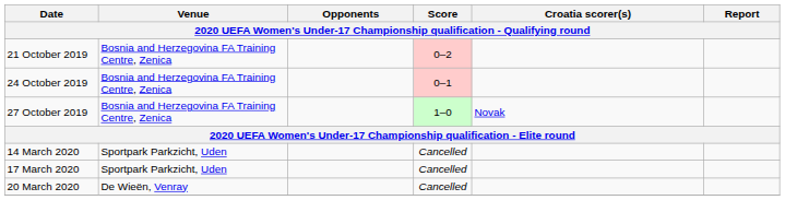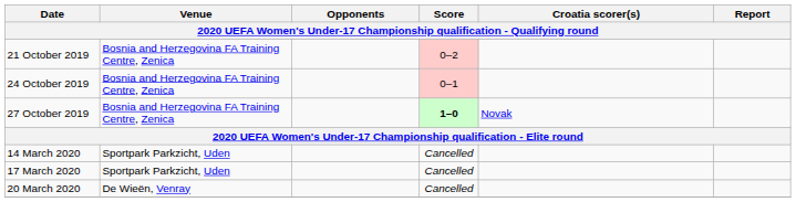 <table class="wikitable" style="font-size:95%;">
 <tr>
 <th width=125>Date</th>
 <th width=260>Venue</th>
 <th width=170>Opponents</th>
 <th width= 75>Score</th>
 <th width=320>Croatia scorer(s)</th>
 <th width=100>Report</th>
 </tr>
 <tr>
 <th colspan=7><a href='#'>2020 UEFA Women's Under-17 Championship qualification - Qualifying round</a></th>
 </tr>
 <tr>
 <td>21 October 2019</td>
 <td><a href='#'>Bosnia and Herzegovina FA Training Centre</a>, <a href='#'>Zenica</a></td>
 <td></td>
 <td align=center bgcolor=#FFCCCC>0–2</td>
 <td></td>
 <td></td>
 </tr>
 <tr>
 <td>24 October 2019</td>
 <td><a href='#'>Bosnia and Herzegovina FA Training Centre</a>, <a href='#'>Zenica</a></td>
 <td></td>
 <td align=center bgcolor=#FFCCCC>0–1</td>
 <td></td>
 <td></td>
 </tr>
 <tr>
 <td>27 October 2019</td>
 <td><a href='#'>Bosnia and Herzegovina FA Training Centre</a>, <a href='#'>Zenica</a></td>
 <td></td>
-<td align=center bgcolor=#CCFFCC>1–0</td>
+<td align=center bgcolor=#CCFFCC><strong>1–0</strong></td>
 <td><a href='#'>Novak</a></td>
 <td></td>
 </tr>
 <tr>
 <th colspan=7><a href='#'>2020 UEFA Women's Under-17 Championship qualification - Elite round</a></th>
 </tr>
 <tr>
 <td>14 March 2020</td>
 <td>Sportpark Parkzicht, <a href='#'>Uden</a></td>
 <td></td>
 <td align=center><em>Cancelled</em></td>
 <td></td>
 <td></td>
 </tr>
 <tr>
 <td>17 March 2020</td>
 <td>Sportpark Parkzicht, <a href='#'>Uden</a></td>
 <td></td>
 <td align=center><em>Cancelled</em></td>
 <td></td>
 <td></td>
 </tr>
 <tr>
 <td>20 March 2020</td>
 <td>De Wieën, <a href='#'>Venray</a></td>
 <td></td>
 <td align=center><em>Cancelled</em></td>
 <td></td>
 <td></td>
 </tr>
 <tr>
 </tr>
 </table>
